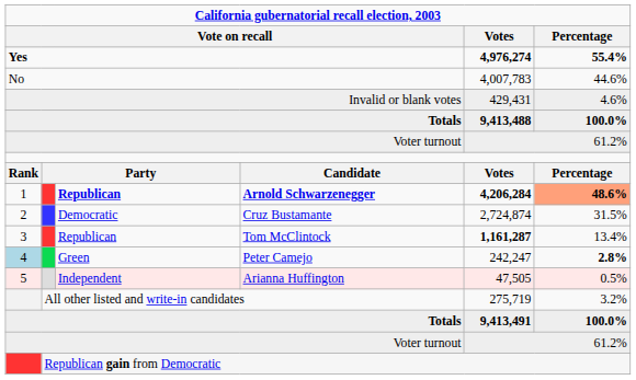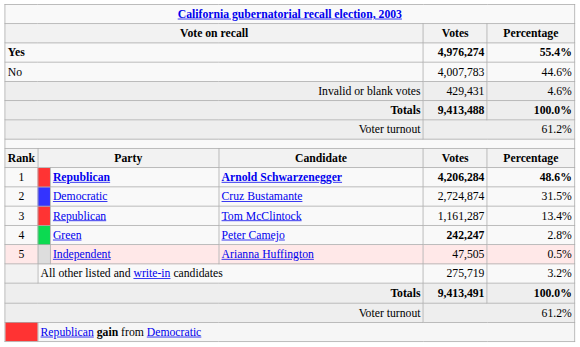 <table class="wikitable" style="text-align:left;margin-left:1em; font-size:95%">
 <tr>
 <td colspan="6" style="text-align:center;"><strong><a href='#'>California gubernatorial recall election, 2003</a></strong></td>
 </tr>
 <tr style="background:#eee; text-align:center;">
 <th colspan="4">Vote on recall</th>
 <th style="width: 5em">Votes</th>
 <th style="width: 7em">Percentage</th>
 </tr>
 <tr style="text-align:left;">
 <td colspan=4> <strong>Yes</strong></td>
 <td style="text-align:right;"><strong>4,976,274</strong></td>
 <td style="text-align:right;"><strong>55.4%</strong></td>
 </tr>
 <tr style="text-align:left;">
 <td colspan=4>No</td>
 <td style="text-align:right;">4,007,783</td>
 <td style="text-align:right;">44.6%</td>
 </tr>
 <tr style="background:#eee; text-align:right;">
 <td colspan="4">Invalid or blank votes</td>
 <td>429,431</td>
 <td>4.6%</td>
 </tr>
 <tr style="background:#eee; text-align:right;">
 <td colspan="4"><strong>Totals</strong></td>
 <td><strong>9,413,488</strong></td>
 <td><strong>100.0%</strong></td>
 </tr>
 <tr style="background:#eee; text-align:right;">
 <td colspan="4">Voter turnout</td>
 <td colspan="2">61.2%</td>
 </tr>
 <tr>
 <td colspan="6" style="height:0.3em"></td>
 </tr>
 <tr style="background:#eee; text-align:center;">
 <th>Rank</th>
 <th colspan=2 style="width: 15em">Party</th>
 <th style="width: 17em">Candidate</th>
 <th style="width: 5em">Votes</th>
 <th style="width: 7em">Percentage</th>
 </tr>
 <tr>
 <td style="text-align:center;">1</td>
 <th style="background:#f33; width:3px;"></th>
 <td style="width: 130px"><strong><a href='#'>Republican</a></strong></td>
 <td><strong><a href='#'>Arnold Schwarzenegger</a></strong></td>
 <td style="text-align:right;"><strong>4,206,284</strong></td>
-<td style="background: lightsalmon; text-align:right;"><strong>48.6%</strong></td>
+<td style="text-align:right;"><strong>48.6%</strong></td>
 </tr>
 <tr>
 <td style="text-align:center;">2</td>
 <th style="background:#33f; width:3px;"></th>
 <td style="width: 130px"><a href='#'>Democratic</a></td>
 <td><a href='#'>Cruz Bustamante</a></td>
 <td style="text-align:right;">2,724,874</td>
 <td style="text-align:right;">31.5%</td>
 </tr>
 <tr>
 <td style="text-align:center;">3</td>
 <th style="background:#f33; width:3px;"></th>
 <td style="width: 130px"><a href='#'>Republican</a></td>
 <td><a href='#'>Tom McClintock</a></td>
-<td style="text-align:right;"><strong>1,161,287</strong></td>
+<td style="text-align:right;">1,161,287</td>
 <td style="text-align:right;">13.4%</td>
 </tr>
 <tr>
-<td style="background: lightblue; text-align:center;">4</td>
+<td style="text-align:center;">4</td>
 <th style="background:#0bda51; width:3px;"></th>
 <td style="width: 130px"><a href='#'>Green</a></td>
 <td><a href='#'>Peter Camejo</a></td>
-<td style="text-align:right;">242,247</td>
-<td style="text-align:right;"><strong>2.8%</strong></td>
+<td style="text-align:right;"><strong>242,247</strong></td>
+<td style="text-align:right;">2.8%</td>
 </tr>
 <tr style="background:#ffe8e8;">
 <td style="text-align:center;">5</td>
 <th style="background:#ddd; width:3px;"></th>
 <td style="width: 130px"><a href='#'>Independent</a></td>
 <td><a href='#'>Arianna Huffington</a></td>
 <td style="text-align:right;">47,505</td>
 <td style="text-align:right;">0.5%</td>
 </tr>
 <tr>
 <th style="width:3px;"></th>
 <td style="width: 130px" Colspan="3">All other listed and <a href='#'>write-in</a> candidates</td>
 <td style="text-align:right;">275,719</td>
 <td style="text-align:right;">3.2%</td>
 </tr>
 <tr style="background:#eee; text-align:right;">
 <td colspan="4"><strong>Totals</strong></td>
 <td><strong>9,413,491</strong></td>
 <td><strong>100.0%</strong></td>
 </tr>
 <tr style="background:#eee; text-align:right;">
 <td colspan="4">Voter turnout</td>
 <td colspan="2">61.2%</td>
 </tr>
 <tr style="background:#f6f6f6;">
 <th style="background:#f33;"></th>
 <td colspan="5"><a href='#'>Republican</a> <strong>gain</strong> from <a href='#'>Democratic</a></td>
 </tr>
 </table>
